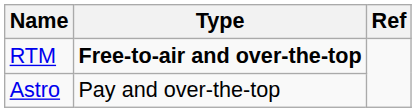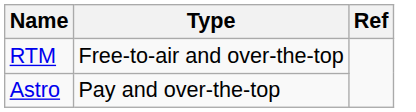 <table class="wikitable sortable">
 <tr>
 <th>Name</th>
 <th>Type</th>
 <th>Ref</th>
 </tr>
 <tr>
 <td><a href='#'>RTM</a></td>
-<td><strong>Free-to-air and over-the-top</strong></td>
+<td>Free-to-air and over-the-top</td>
 <td rowspan="2"></td>
 </tr>
 <tr>
 <td><a href='#'>Astro</a></td>
 <td>Pay and over-the-top</td>
 </tr>
 </table>
